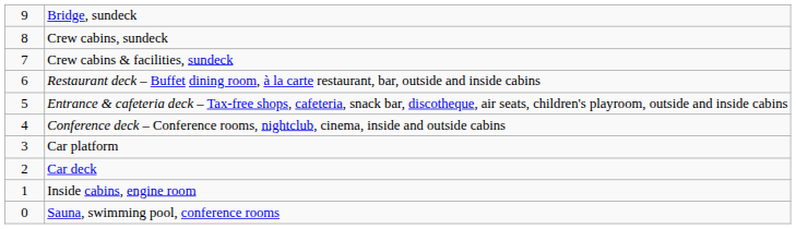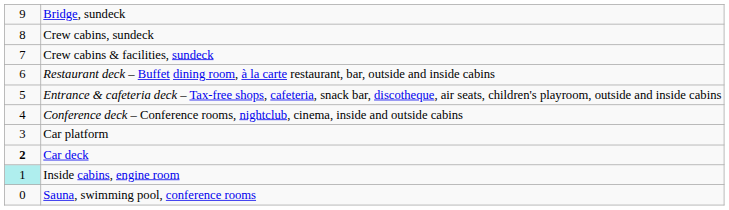 <table class="wikitable">
 <tr>
 <td style="width:5%" align=center>9</td>
 <td><a href='#'>Bridge</a>, sundeck</td>
 </tr>
 <tr>
 <td align=center>8</td>
 <td>Crew cabins, sundeck</td>
 </tr>
 <tr>
 <td align=center>7</td>
 <td>Crew cabins & facilities, <a href='#'>sundeck</a></td>
 </tr>
 <tr>
 <td align=center>6</td>
 <td><em>Restaurant deck</em> – <a href='#'>Buffet</a> <a href='#'>dining room</a>, <a href='#'>à la carte</a> restaurant, bar, outside and inside cabins</td>
 </tr>
 <tr>
 <td align=center>5</td>
 <td><em>Entrance & cafeteria deck</em> – <a href='#'>Tax-free shops</a>, <a href='#'>cafeteria</a>, snack bar, <a href='#'>discotheque</a>, air seats, children's playroom, outside and inside cabins</td>
 </tr>
 <tr>
 <td align=center>4</td>
 <td><em>Conference deck</em> – Conference rooms, <a href='#'>nightclub</a>, cinema, inside and outside cabins</td>
 </tr>
 <tr>
 <td align=center>3</td>
 <td>Car platform</td>
 </tr>
 <tr>
-<td align=center>2</td>
+<td align=center><strong>2</strong></td>
 <td><a href='#'>Car deck</a></td>
 </tr>
 <tr>
-<td align=center>1</td>
+<td align=center style="background: paleturquoise;">1</td>
 <td>Inside <a href='#'>cabins</a>, <a href='#'>engine room</a></td>
 </tr>
 <tr>
 <td align=center>0</td>
 <td><a href='#'>Sauna</a>, swimming pool, <a href='#'>conference rooms</a></td>
 </tr>
 </table>
